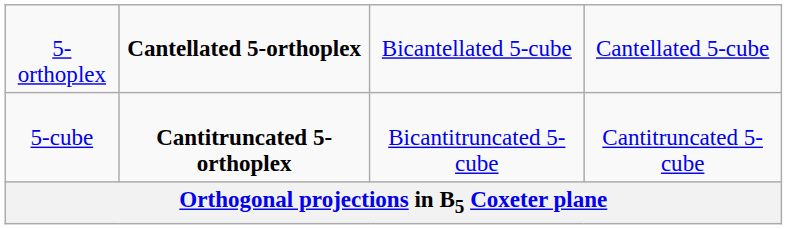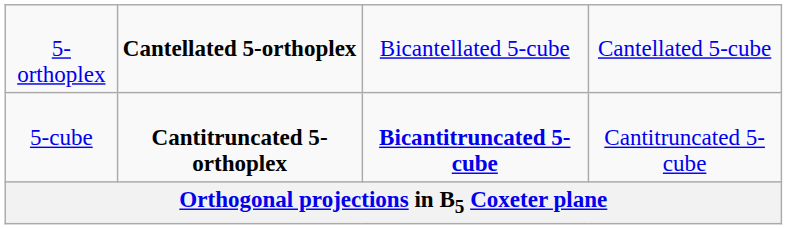 <table class=wikitable align=right width=540 style="margin-left:1em;">
 <tr align=center valign=top>
 <td><br><a href='#'>5-orthoplex</a><br></td>
 <td><br><strong>Cantellated 5-orthoplex</strong><br></td>
 <td><br><a href='#'>Bicantellated 5-cube</a><br></td>
 <td><br><a href='#'>Cantellated 5-cube</a><br></td>
 </tr>
 <tr align=center valign=top>
 <td><br><a href='#'>5-cube</a><br></td>
 <td><br><strong>Cantitruncated 5-orthoplex</strong><br></td>
-<td><br><a href='#'>Bicantitruncated 5-cube</a><br></td>
+<td><strong><br><a href='#'>Bicantitruncated 5-cube</a><br></strong></td>
 <td><br><a href='#'>Cantitruncated 5-cube</a><br></td>
 </tr>
 <tr>
 <th colspan=4><a href='#'>Orthogonal projections</a> in B<sub>5</sub> <a href='#'>Coxeter plane</a></th>
 </tr>
 </table>
